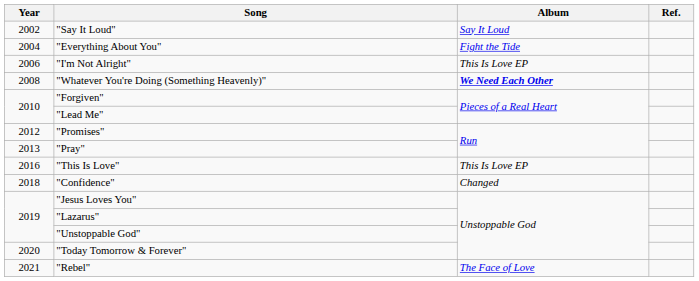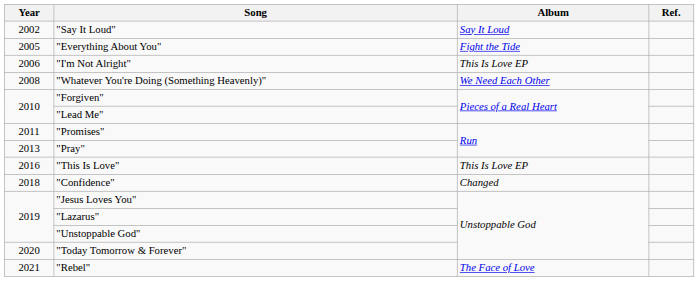 <table class="wikitable" width="65%" style="text-align:center">
 <tr>
 <th>Year</th>
 <th>Song</th>
 <th>Album</th>
 <th>Ref.</th>
 </tr>
 <tr>
 <td>2002</td>
 <td style="text-align:left">"Say It Loud"</td>
 <td style="text-align:left"><em><a href='#'>Say It Loud</a></em></td>
 <td></td>
 </tr>
 <tr>
-<td>2004</td>
+<td>2005</td>
 <td style="text-align:left">"Everything About You"</td>
 <td style="text-align:left"><em><a href='#'>Fight the Tide</a></em></td>
 <td></td>
 </tr>
 <tr>
 <td>2006</td>
 <td style="text-align:left">"I'm Not Alright"</td>
 <td style="text-align:left"><em>This Is Love EP</em></td>
 <td></td>
 </tr>
 <tr>
 <td>2008</td>
 <td style="text-align:left">"Whatever You're Doing (Something Heavenly)"</td>
-<td style="text-align:left"><strong><em><a href='#'>We Need Each Other</a></em></strong></td>
+<td style="text-align:left"><em><a href='#'>We Need Each Other</a></em></td>
 <td></td>
 </tr>
 <tr>
 <td rowspan="2">2010</td>
 <td style="text-align:left">"Forgiven"</td>
 <td rowspan="2" style="text-align:left"><em><a href='#'>Pieces of a Real Heart</a></em></td>
 <td></td>
 </tr>
 <tr>
 <td style="text-align:left">"Lead Me"</td>
 <td></td>
 </tr>
 <tr>
-<td>2012</td>
+<td>2011</td>
 <td style="text-align:left">"Promises"</td>
 <td rowspan="2" style="text-align:left"><em><a href='#'>Run</a></em></td>
 <td></td>
 </tr>
 <tr>
 <td>2013</td>
 <td style="text-align:left">"Pray"</td>
 <td></td>
 </tr>
 <tr>
 <td>2016</td>
 <td style="text-align:left">"This Is Love"</td>
 <td style="text-align:left"><em>This Is Love EP</em></td>
 <td></td>
 </tr>
 <tr>
 <td>2018</td>
 <td style="text-align:left">"Confidence"</td>
 <td style="text-align:left"><em>Changed</em></td>
 <td></td>
 </tr>
 <tr>
 <td rowspan="3">2019</td>
 <td style="text-align:left">"Jesus Loves You"</td>
 <td rowspan="4" style="text-align:left"><em>Unstoppable God</em></td>
 <td></td>
 </tr>
 <tr>
 <td style="text-align:left">"Lazarus"</td>
 <td></td>
 </tr>
 <tr>
 <td style="text-align:left">"Unstoppable God"</td>
 <td></td>
 </tr>
 <tr>
 <td rowspan="1">2020</td>
 <td style="text-align:left">"Today Tomorrow & Forever"</td>
 <td></td>
 </tr>
 <tr>
 <td rowspan="1">2021</td>
 <td style="text-align:left">"Rebel"</td>
 <td style="text-align:left"><em><a href='#'>The Face of Love</a></em></td>
 <td></td>
 </tr>
 </table>
